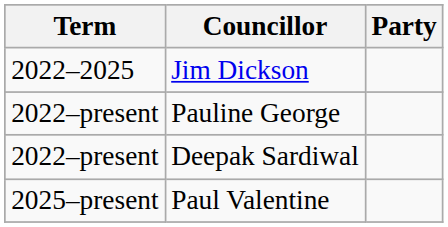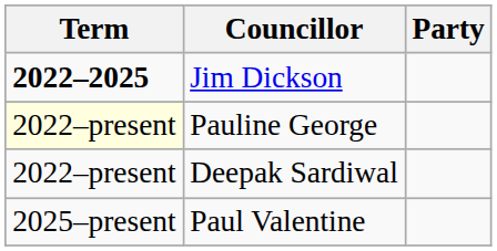 <table class="wikitable">
 <tr>
 <th>Term</th>
 <th>Councillor</th>
 <th colspan=2>Party</th>
 </tr>
 <tr>
-<td>2022–2025</td>
+<td><strong>2022–2025</strong></td>
 <td><a href='#'>Jim Dickson</a></td>
 <td></td>
 </tr>
 <tr>
-<td>2022–present</td>
+<td style="background: lightyellow;">2022–present</td>
 <td>Pauline George</td>
 <td></td>
 </tr>
 <tr>
 <td>2022–present</td>
 <td>Deepak Sardiwal</td>
 <td></td>
 </tr>
 <tr>
 <td>2025–present</td>
 <td>Paul Valentine</td>
 <td></td>
 </tr>
 </table>
